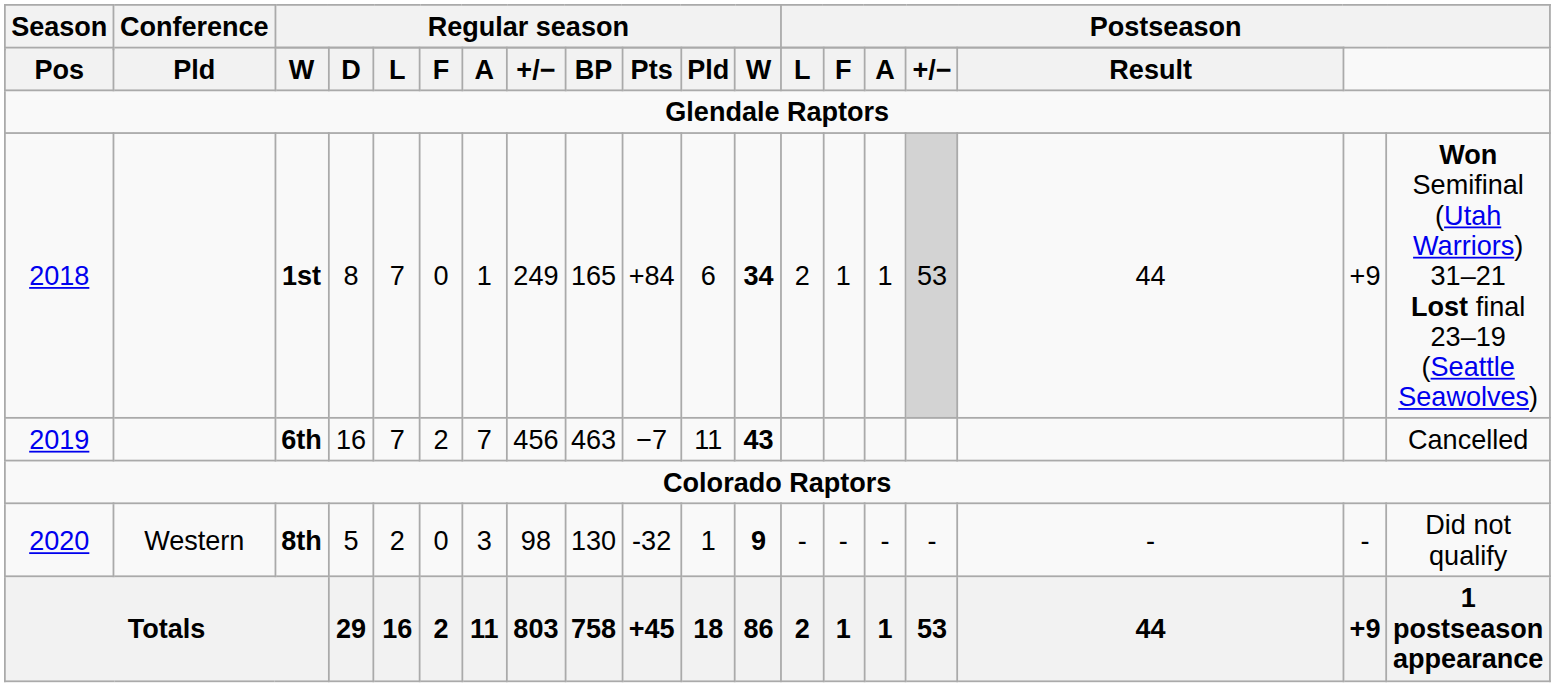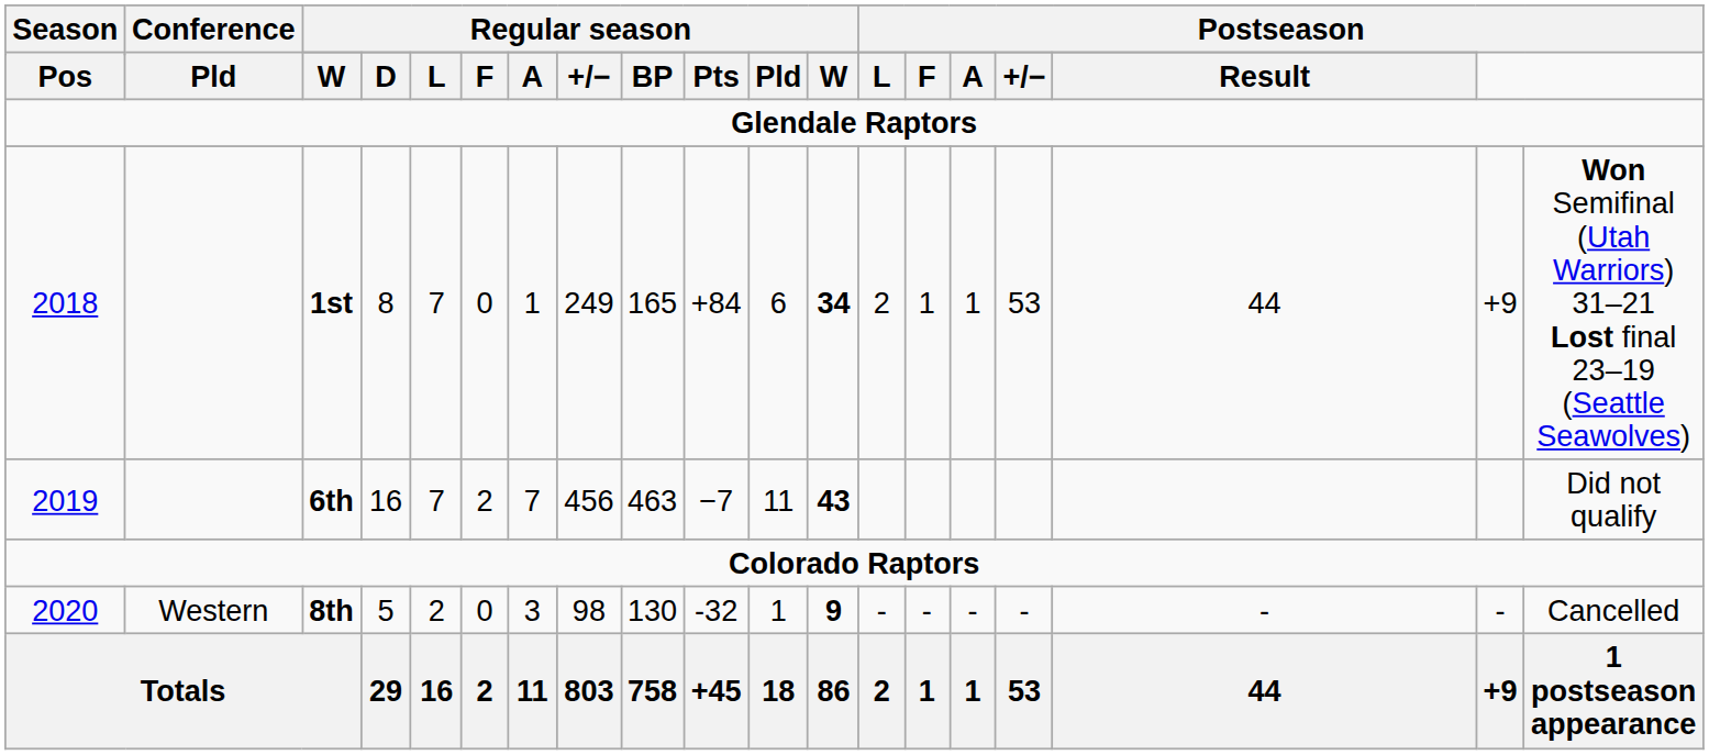 <table class="wikitable" style="text-align:center; font-size: 95%">
 <tr>
 <th rowspan="2">Season</th>
 <th rowspan="2">Conference</th>
 <th colspan="10">Regular season</th>
 <th colspan="8">Postseason</th>
 </tr>
 <tr {| class="wikitable" style="text-align:center;">
 </tr>
 <tr border=1 cellpadding=5 cellspacing=0>
 <th style="width:20px;">Pos</th>
 <th style="width:20px;">Pld</th>
 <th style="width:20px;">W</th>
 <th style="width:20px;">D</th>
 <th style="width:20px;">L</th>
 <th style="width:20px;">F</th>
 <th style="width:20px;">A</th>
 <th style="width:25px;">+/−</th>
 <th style="width:20px;">BP</th>
 <th style="width:20px;">Pts</th>
 <th style="width:20px;">Pld</th>
 <th style="width:20px;">W</th>
 <th style="width:20px;">L</th>
 <th style="width:20px;">F</th>
 <th style="width:20px;">A</th>
 <th style="width:25px;">+/−</th>
 <th style="width:20em; text-align:centre;">Result</th>
 </tr>
 <tr>
 <td colspan="19" style="text-align:center;"><strong>Glendale Raptors</strong></td>
 </tr>
 <tr>
 <td><a href='#'>2018</a></td>
 <td></td>
 <td><strong>1st</strong></td>
 <td>8</td>
 <td>7</td>
 <td>0</td>
 <td>1</td>
 <td>249</td>
 <td>165</td>
 <td>+84</td>
 <td>6</td>
 <td><strong>34</strong></td>
 <td>2</td>
 <td>1</td>
 <td>1</td>
-<td style="background: lightgrey;">53</td>
+<td>53</td>
 <td>44</td>
 <td>+9</td>
 <td><strong>Won</strong> Semifinal (<a href='#'>Utah Warriors</a>) 31–21<br><strong>Lost</strong> final 23–19 (<a href='#'>Seattle Seawolves</a>)</td>
 </tr>
 <tr>
 <td><a href='#'>2019</a></td>
 <td></td>
 <td><strong>6th</strong></td>
 <td>16</td>
 <td>7</td>
 <td>2</td>
 <td>7</td>
 <td>456</td>
 <td>463</td>
 <td>−7</td>
 <td>11</td>
 <td><strong>43</strong></td>
 <td></td>
 <td></td>
 <td></td>
 <td></td>
 <td></td>
 <td></td>
-<td>Cancelled</td>
+<td>Did not qualify</td>
 </tr>
 <tr>
 <td colspan="19" style="text-align:center;"><strong>Colorado Raptors</strong></td>
 </tr>
 <tr>
 <td><a href='#'>2020</a></td>
 <td>Western</td>
 <td><strong>8th</strong></td>
 <td>5</td>
 <td>2</td>
 <td>0</td>
 <td>3</td>
 <td>98</td>
 <td>130</td>
 <td>-32</td>
 <td>1</td>
 <td><strong>9</strong></td>
 <td>-</td>
 <td>-</td>
 <td>-</td>
 <td>-</td>
 <td>-</td>
 <td>-</td>
-<td>Did not qualify</td>
+<td>Cancelled</td>
 </tr>
 <tr align="center">
 <th colspan="3">Totals</th>
 <th>29</th>
 <th>16</th>
 <th>2</th>
 <th>11</th>
 <th>803</th>
 <th>758</th>
 <th>+45</th>
 <th>18</th>
 <th>86</th>
 <th>2</th>
 <th>1</th>
 <th>1</th>
 <th>53</th>
 <th>44</th>
 <th>+9</th>
 <th>1 postseason appearance</th>
 </tr>
 </table>
